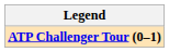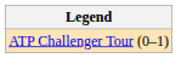 <table class=wikitable style=font-size:97%>
 <tr>
 <th>Legend</th>
 </tr>
 <tr bgcolor=moccasin>
-<td><strong><a href='#'>ATP Challenger Tour</a> (0–1)</strong></td>
+<td><a href='#'>ATP Challenger Tour</a> (0–1)</td>
 </tr>
 </table>
